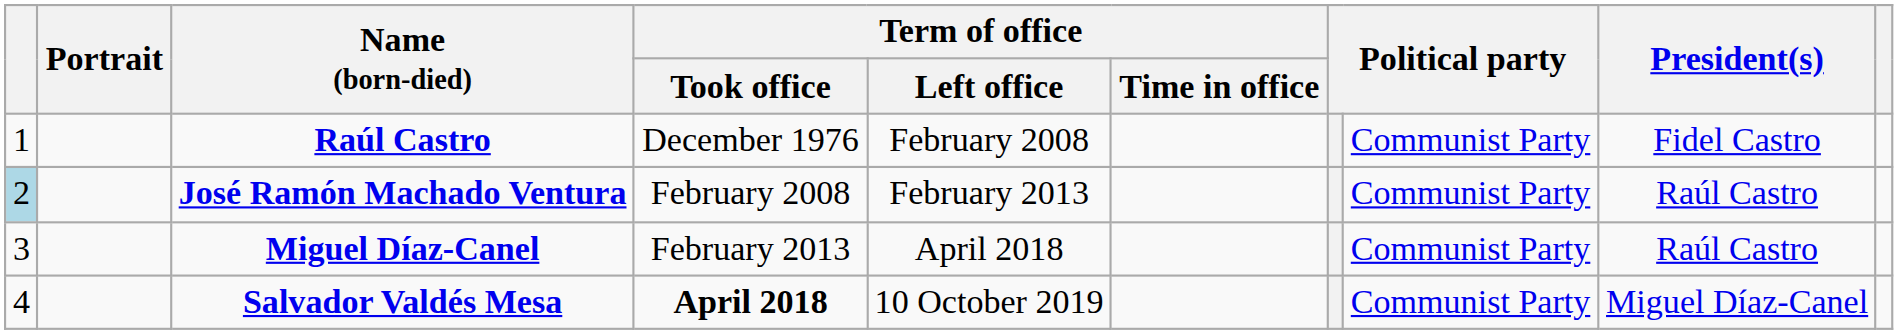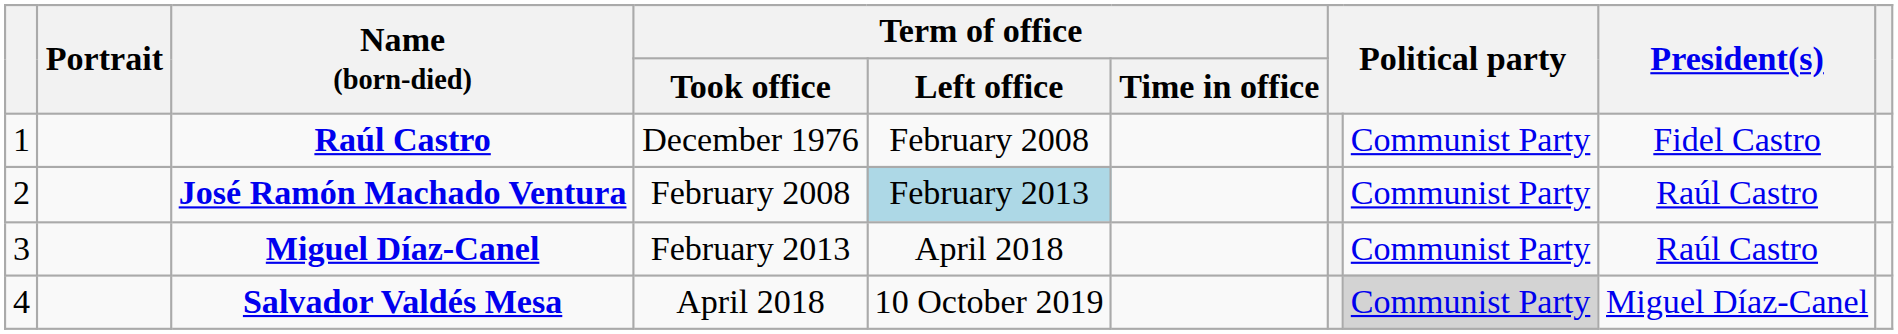 <table class="wikitable" style="text-align:center;">
 <tr>
 <th rowspan=2></th>
 <th rowspan=2>Portrait</th>
 <th rowspan=2>Name<br><small>(born-died)</small></th>
 <th colspan=3>Term of office</th>
 <th colspan=2 rowspan=2>Political party</th>
 <th rowspan=2><a href='#'>President(s)</a></th>
 <th rowspan=2></th>
 </tr>
 <tr>
 <th>Took office</th>
 <th>Left office</th>
 <th>Time in office</th>
 </tr>
 <tr>
 <td>1</td>
 <td></td>
 <td><strong><a href='#'>Raúl Castro</a></strong><br></td>
 <td>December 1976</td>
 <td>February 2008</td>
 <td></td>
 <th style="background:"></th>
 <td><a href='#'>Communist Party</a></td>
 <td><a href='#'>Fidel Castro</a></td>
 <td></td>
 </tr>
 <tr>
-<td style="background: lightblue;">2</td>
+<td>2</td>
 <td></td>
 <td><strong><a href='#'>José Ramón Machado Ventura</a></strong><br></td>
 <td>February 2008</td>
-<td>February 2013</td>
+<td style="background: lightblue;">February 2013</td>
 <td></td>
 <th style="background:"></th>
 <td><a href='#'>Communist Party</a></td>
 <td><a href='#'>Raúl Castro</a></td>
 <td></td>
 </tr>
 <tr>
 <td>3</td>
 <td></td>
 <td><strong><a href='#'>Miguel Díaz-Canel</a></strong><br></td>
 <td>February 2013</td>
 <td>April 2018</td>
 <td></td>
 <th style="background:"></th>
 <td><a href='#'>Communist Party</a></td>
 <td><a href='#'>Raúl Castro</a></td>
 <td></td>
 </tr>
 <tr>
 <td>4</td>
 <td></td>
 <td><strong><a href='#'>Salvador Valdés Mesa</a></strong><br></td>
-<td><strong>April 2018</strong></td>
+<td>April 2018</td>
 <td>10 October 2019</td>
 <td></td>
 <th style="background:"></th>
-<td><a href='#'>Communist Party</a></td>
+<td style="background: lightgrey;"><a href='#'>Communist Party</a></td>
 <td><a href='#'>Miguel Díaz-Canel</a></td>
 <td></td>
 </tr>
 </table>
